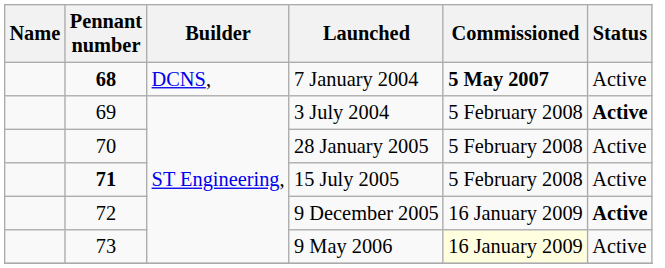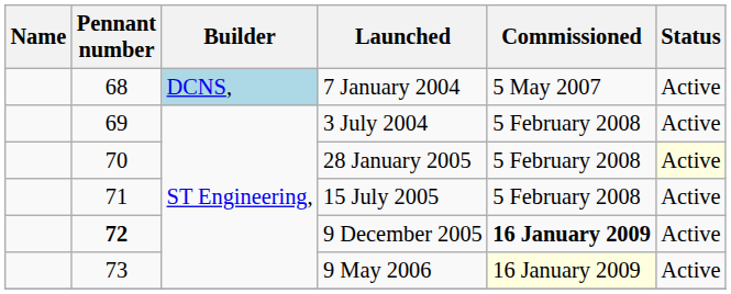 <table class="wikitable" style="font-size:95%">
 <tr>
 <th>Name</th>
 <th>Pennant<br>number</th>
 <th>Builder</th>
 <th>Launched</th>
 <th>Commissioned</th>
 <th>Status</th>
 </tr>
 <tr>
 <td></td>
-<td align="center"><strong>68</strong></td>
-<td><a href='#'>DCNS</a>,<br></td>
+<td align="center">68</td>
+<td style="background: lightblue;"><a href='#'>DCNS</a>,<br></td>
 <td>7 January 2004</td>
-<td><strong>5 May 2007</strong></td>
+<td>5 May 2007</td>
 <td>Active</td>
 </tr>
 <tr>
 <td></td>
 <td align="center">69</td>
 <td rowspan="5"><a href='#'>ST Engineering</a>,<br></td>
 <td>3 July 2004</td>
 <td>5 February 2008</td>
-<td><strong>Active</strong></td>
+<td>Active</td>
 </tr>
 <tr>
 <td></td>
 <td align="center">70</td>
 <td>28 January 2005</td>
 <td>5 February 2008</td>
-<td>Active</td>
+<td style="background: lightyellow;">Active</td>
 </tr>
 <tr>
 <td></td>
-<td align="center"><strong>71</strong></td>
+<td align="center">71</td>
 <td>15 July 2005</td>
 <td>5 February 2008</td>
 <td>Active</td>
 </tr>
 <tr>
 <td></td>
-<td align="center">72</td>
+<td align="center"><strong>72</strong></td>
 <td>9 December 2005</td>
-<td>16 January 2009</td>
-<td><strong>Active</strong></td>
+<td><strong>16 January 2009</strong></td>
+<td>Active</td>
 </tr>
 <tr>
 <td></td>
 <td align="center">73</td>
 <td>9 May 2006</td>
 <td style="background: lightyellow;">16 January 2009</td>
 <td>Active</td>
 </tr>
 <tr>
 </tr>
 </table>
